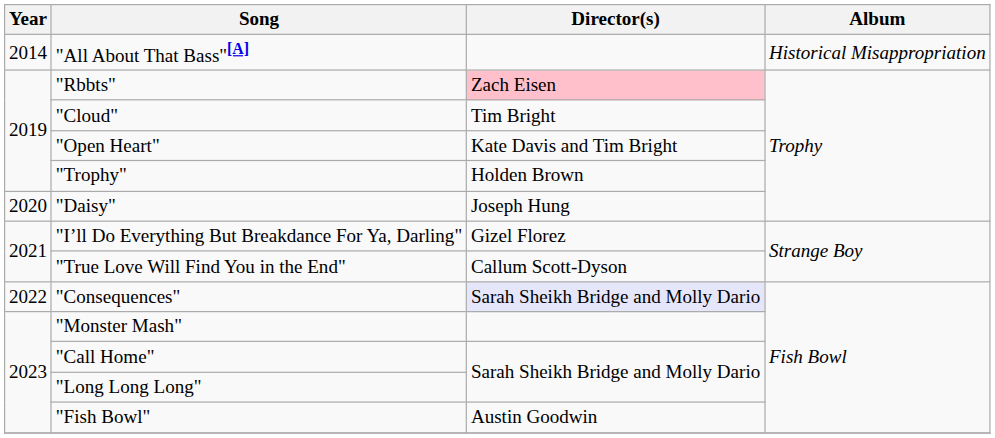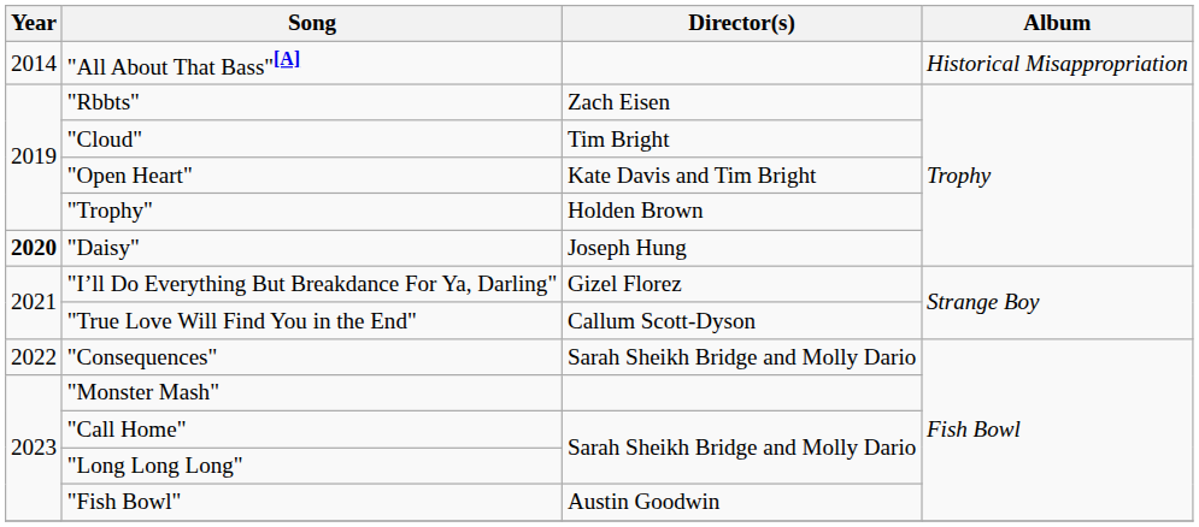 <table class="wikitable">
 <tr>
 <th>Year</th>
 <th>Song</th>
 <th>Director(s)</th>
 <th>Album</th>
 </tr>
 <tr>
 <td rowspan="1">2014</td>
 <td>"All About That Bass"<sup><span></span><a href='#'><strong>[A]</strong></a></sup></td>
 <td rowspan="1"></td>
 <td rowspan="1"><em>Historical Misappropriation</em></td>
 </tr>
 <tr>
 <td rowspan="4">2019</td>
 <td>"Rbbts"</td>
-<td rowspan="1" style="background: pink;">Zach Eisen</td>
+<td rowspan="1">Zach Eisen</td>
 <td rowspan="5"><em>Trophy</em></td>
 </tr>
 <tr>
 <td>"Cloud"</td>
 <td rowspan="1">Tim Bright</td>
 </tr>
 <tr>
 <td>"Open Heart"</td>
 <td rowspan="1">Kate Davis and Tim Bright</td>
 </tr>
 <tr>
 <td>"Trophy"</td>
 <td rowspan="1">Holden Brown</td>
 </tr>
 <tr>
-<td rowspan="1">2020</td>
+<td rowspan="1"><strong>2020</strong></td>
 <td>"Daisy"</td>
 <td rowspan="1">Joseph Hung</td>
 </tr>
 <tr>
 <td rowspan="2">2021</td>
 <td>"I’ll Do Everything But Breakdance For Ya, Darling"</td>
 <td rowspan="1">Gizel Florez</td>
 <td rowspan="2"><em>Strange Boy</em></td>
 </tr>
 <tr>
 <td>"True Love Will Find You in the End"</td>
 <td>Callum Scott-Dyson</td>
 </tr>
 <tr>
 <td rowspan="1">2022</td>
 <td>"Consequences"</td>
-<td rowspan="1" style="background: lavender;">Sarah Sheikh Bridge and Molly Dario</td>
+<td rowspan="1">Sarah Sheikh Bridge and Molly Dario</td>
 <td rowspan="5"><em>Fish Bowl</em></td>
 </tr>
 <tr>
 <td rowspan="4">2023</td>
 <td>"Monster Mash"</td>
 </tr>
 <tr>
 <td>"Call Home"</td>
 <td rowspan="2">Sarah Sheikh Bridge and Molly Dario</td>
 </tr>
 <tr>
 <td>"Long Long Long"</td>
 </tr>
 <tr>
 <td>"Fish Bowl"</td>
 <td rowspan="1">Austin Goodwin</td>
 </tr>
 <tr>
 </tr>
 </table>
